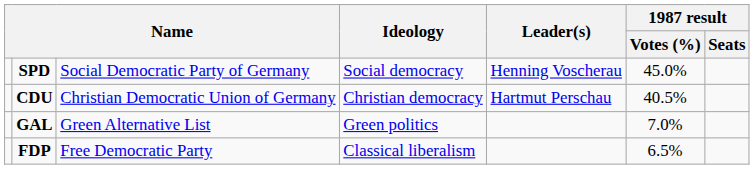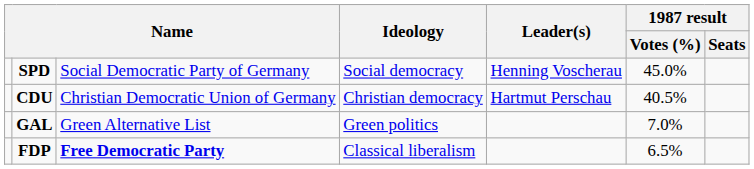 <table class="wikitable">
 <tr>
 <th rowspan=2 colspan=3>Name</th>
 <th rowspan=2>Ideology</th>
 <th rowspan=2>Leader(s)</th>
 <th colspan=2>1987 result</th>
 </tr>
 <tr>
 <th>Votes (%)</th>
 <th>Seats</th>
 </tr>
 <tr>
 <td bgcolor=></td>
 <td align=center><strong>SPD</strong></td>
 <td><a href='#'>Social Democratic Party of Germany</a><br></td>
 <td><a href='#'>Social democracy</a></td>
 <td><a href='#'>Henning Voscherau</a></td>
 <td align=center>45.0%</td>
 <td></td>
 </tr>
 <tr>
 <td bgcolor=></td>
 <td align=center><strong>CDU</strong></td>
 <td><a href='#'>Christian Democratic Union of Germany</a><br></td>
 <td><a href='#'>Christian democracy</a></td>
 <td><a href='#'>Hartmut Perschau</a></td>
 <td align=center>40.5%</td>
 <td></td>
 </tr>
 <tr>
 <td bgcolor=></td>
 <td align=center><strong>GAL</strong></td>
 <td><a href='#'>Green Alternative List</a><br></td>
 <td><a href='#'>Green politics</a></td>
 <td></td>
 <td align=center>7.0%</td>
 <td></td>
 </tr>
 <tr>
 <td bgcolor=></td>
 <td align=center><strong>FDP</strong></td>
-<td><a href='#'>Free Democratic Party</a><br></td>
+<td><strong><a href='#'>Free Democratic Party</a><br></strong></td>
 <td><a href='#'>Classical liberalism</a></td>
 <td></td>
 <td align=center>6.5%</td>
 <td></td>
 </tr>
 </table>
